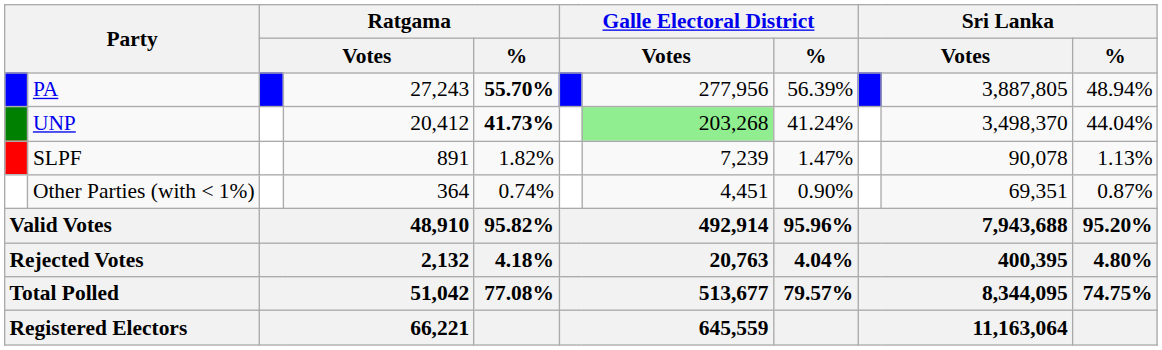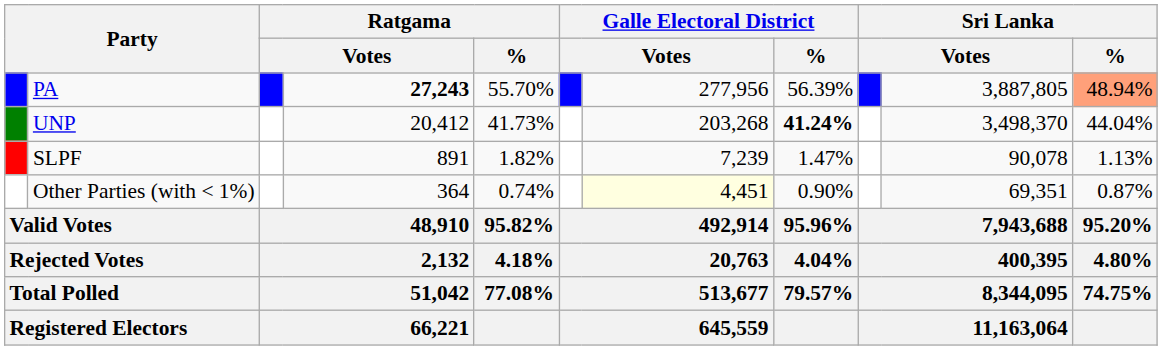 <table class="wikitable">
 <tr>
 <th colspan="2" width="144px"rowspan="2">Party</th>
 <th colspan="3" width="216px">Ratgama</th>
 <th colspan="3" width="216px"><a href='#'>Galle Electoral District</a></th>
 <th colspan="3" width="216px">Sri Lanka</th>
 </tr>
 <tr>
 <th colspan="2" width="144px">Votes</th>
 <th>%</th>
 <th colspan="2" width="144px">Votes</th>
 <th>%</th>
 <th colspan="2" width="144px">Votes</th>
 <th>%</th>
 </tr>
 <tr>
 <td style="background-color:blue;" width="10px"></td>
 <td style="text-align:left;"><a href='#'>PA</a></td>
 <td style="background-color:blue;" width="10px"></td>
-<td style="text-align:right;">27,243</td>
-<td style="text-align:right;"><strong>55.70%</strong></td>
+<td style="text-align:right;"><strong>27,243</strong></td>
+<td style="text-align:right;">55.70%</td>
 <td style="background-color:blue;" width="10px"></td>
 <td style="text-align:right;">277,956</td>
 <td style="text-align:right;">56.39%</td>
 <td style="background-color:blue;" width="10px"></td>
 <td style="text-align:right;">3,887,805</td>
-<td style="text-align:right;">48.94%</td>
+<td style="background: lightsalmon; text-align:right;">48.94%</td>
 </tr>
 <tr>
 <td style="background-color:green;" width="10px"></td>
 <td style="text-align:left;"><a href='#'>UNP</a></td>
 <td style="background-color:white;" width="10px"></td>
 <td style="text-align:right;">20,412</td>
-<td style="text-align:right;"><strong>41.73%</strong></td>
+<td style="text-align:right;">41.73%</td>
 <td style="background-color:white;" width="10px"></td>
-<td style="background: lightgreen; text-align:right;">203,268</td>
-<td style="text-align:right;">41.24%</td>
+<td style="text-align:right;">203,268</td>
+<td style="text-align:right;"><strong>41.24%</strong></td>
 <td style="background-color:white;" width="10px"></td>
 <td style="text-align:right;">3,498,370</td>
 <td style="text-align:right;">44.04%</td>
 </tr>
 <tr>
 <td style="background-color:red;" width="10px"></td>
 <td style="text-align:left;">SLPF</td>
 <td style="background-color:white;" width="10px"></td>
 <td style="text-align:right;">891</td>
 <td style="text-align:right;">1.82%</td>
 <td style="background-color:white;" width="10px"></td>
 <td style="text-align:right;">7,239</td>
 <td style="text-align:right;">1.47%</td>
 <td style="background-color:white;" width="10px"></td>
 <td style="text-align:right;">90,078</td>
 <td style="text-align:right;">1.13%</td>
 </tr>
 <tr>
 <td style="background-color:white;" width="10px"></td>
 <td style="text-align:left;">Other Parties (with < 1%)</td>
 <td style="background-color:white;" width="10px"></td>
 <td style="text-align:right;">364</td>
 <td style="text-align:right;">0.74%</td>
 <td style="background-color:white;" width="10px"></td>
-<td style="text-align:right;">4,451</td>
+<td style="background: lightyellow; text-align:right;">4,451</td>
 <td style="text-align:right;">0.90%</td>
 <td style="background-color:white;" width="10px"></td>
 <td style="text-align:right;">69,351</td>
 <td style="text-align:right;">0.87%</td>
 </tr>
 <tr>
 <th colspan="2" width="144px"style="text-align:left;">Valid Votes</th>
 <th style="text-align:right;"colspan="2" width="144px">48,910</th>
 <th style="text-align:right;">95.82%</th>
 <th style="text-align:right;"colspan="2" width="144px">492,914</th>
 <th style="text-align:right;">95.96%</th>
 <th style="text-align:right;"colspan="2" width="144px">7,943,688</th>
 <th style="text-align:right;">95.20%</th>
 </tr>
 <tr>
 <th colspan="2" width="144px"style="text-align:left;">Rejected Votes</th>
 <th style="text-align:right;"colspan="2" width="144px">2,132</th>
 <th style="text-align:right;">4.18%</th>
 <th style="text-align:right;"colspan="2" width="144px">20,763</th>
 <th style="text-align:right;">4.04%</th>
 <th style="text-align:right;"colspan="2" width="144px">400,395</th>
 <th style="text-align:right;">4.80%</th>
 </tr>
 <tr>
 <th colspan="2" width="144px"style="text-align:left;">Total Polled</th>
 <th style="text-align:right;"colspan="2" width="144px">51,042</th>
 <th style="text-align:right;">77.08%</th>
 <th style="text-align:right;"colspan="2" width="144px">513,677</th>
 <th style="text-align:right;">79.57%</th>
 <th style="text-align:right;"colspan="2" width="144px">8,344,095</th>
 <th style="text-align:right;">74.75%</th>
 </tr>
 <tr>
 <th colspan="2" width="144px"style="text-align:left;">Registered Electors</th>
 <th style="text-align:right;"colspan="2" width="144px">66,221</th>
 <th></th>
 <th style="text-align:right;"colspan="2" width="144px">645,559</th>
 <th></th>
 <th style="text-align:right;"colspan="2" width="144px">11,163,064</th>
 <th></th>
 </tr>
 </table>
